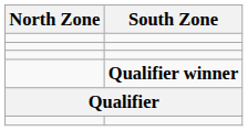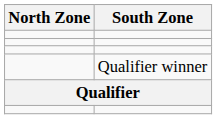 <table class="wikitable">
 <tr>
 <th>North Zone</th>
 <th>South Zone</th>
 </tr>
 <tr>
 <td></td>
 <td></td>
 </tr>
 <tr>
 <td></td>
 <td></td>
 </tr>
 <tr>
 <td></td>
 <td></td>
 </tr>
 <tr>
 <td></td>
-<td><strong>Qualifier winner</strong></td>
+<td>Qualifier winner</td>
 </tr>
 <tr>
 <th colspan="2">Qualifier</th>
 </tr>
 <tr>
 <td></td>
 <td></td>
 </tr>
 </table>
